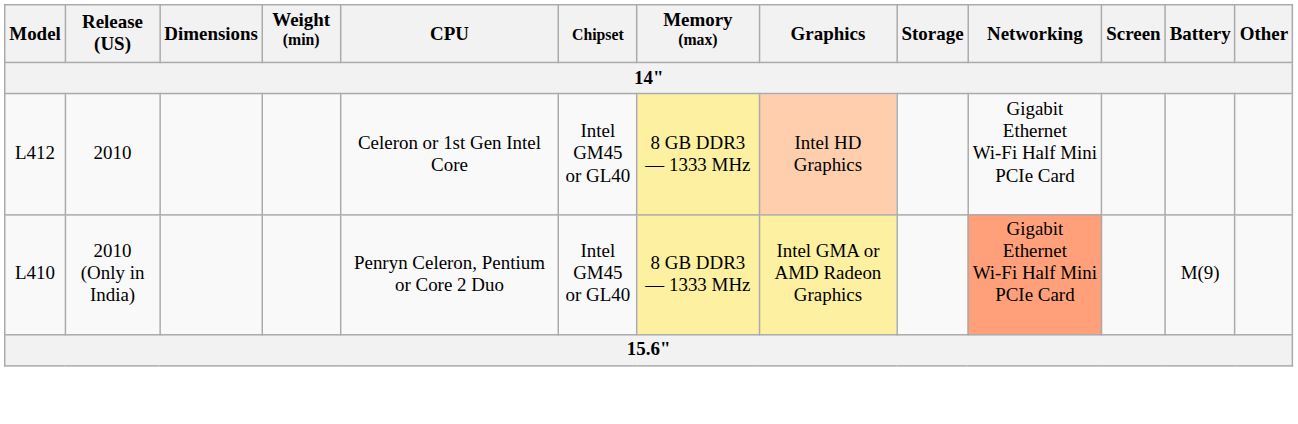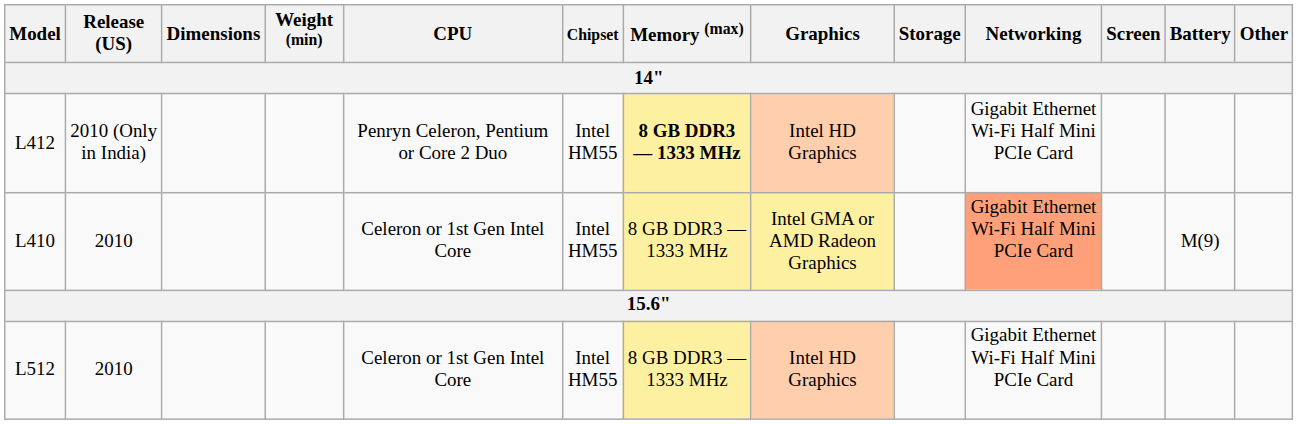 <table class="wikitable" style="font-size: 80%; text-align: center; min-width: 80%;">
 <tr>
 <th>Model</th>
 <th>Release (US)</th>
 <th>Dimensions</th>
 <th>Weight <sup>(min)</sup></th>
 <th style="width:17%">CPU</th>
 <th><small>Chipset</small></th>
 <th>Memory <sup>(max)</sup></th>
 <th>Graphics</th>
 <th>Storage</th>
 <th>Networking</th>
 <th>Screen</th>
 <th>Battery</th>
 <th>Other</th>
 </tr>
 <tr>
 <th colspan=13>14"</th>
 </tr>
 <tr>
 <td>L412</td>
-<td>2010</td>
+<td>2010 (Only in India)</td>
 <td></td>
 <td></td>
-<td style="background:">Celeron or 1st Gen Intel Core</td>
-<td>Intel<br>GM45 or GL40</td>
-<td style="background:#fdf1a1;">8 GB DDR3 — 1333 MHz<br></td>
+<td style="background:">Penryn Celeron, Pentium or Core 2 Duo</td>
+<td>Intel<br>HM55</td>
+<td style="background:#fdf1a1;"><strong>8 GB DDR3 — 1333 MHz<br></strong></td>
 <td style="background:#ffcead;">Intel HD Graphics</td>
 <td></td>
 <td>Gigabit Ethernet<br>Wi-Fi Half Mini PCIe Card<br><small><br></small></td>
 <td></td>
 <td></td>
 <td></td>
 </tr>
 <tr>
 <td>L410</td>
-<td>2010 (Only in India)</td>
+<td>2010</td>
 <td></td>
 <td></td>
-<td style="background:">Penryn Celeron, Pentium or Core 2 Duo</td>
-<td>Intel<br>GM45 or GL40</td>
+<td style="background:">Celeron or 1st Gen Intel Core</td>
+<td>Intel<br>HM55</td>
 <td style="background:#fdf1a1;">8 GB DDR3 — 1333 MHz<br></td>
 <td style="background:#fdf1a1;">Intel GMA or AMD Radeon Graphics</td>
 <td></td>
 <td style="background: lightsalmon;">Gigabit Ethernet<br>Wi-Fi Half Mini PCIe Card<br><small><br></small></td>
 <td></td>
 <td>M(9)</td>
 <td></td>
 </tr>
 <tr>
 <th colspan=13>15.6"</th>
 </tr>
+<tr>
+<td>L512</td>
+<td>2010</td>
+<td></td>
+<td></td>
+<td style="background:">Celeron or 1st Gen Intel Core</td>
+<td>Intel<br>HM55</td>
+<td style="background:#fdf1a1;">8 GB DDR3 — 1333 MHz<br></td>
+<td style="background:#ffcead;">Intel HD Graphics</td>
+<td></td>
+<td>Gigabit Ethernet<br>Wi-Fi Half Mini PCIe Card<br><small><br></small></td>
+<td></td>
+<td></td>
+<td></td>
+</tr>
 </table>
